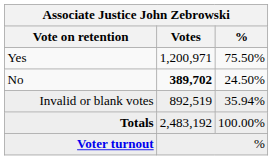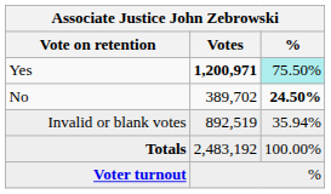 <table class="wikitable" style="font-size: 95%;">
 <tr style="background-color:#E9E9E9">
 <th colspan=7>Associate Justice John Zebrowski</th>
 </tr>
 <tr style="background-color:#E9E9E9">
 <th style="width: 170px">Vote on retention</th>
 <th style="width: 50px">Votes</th>
 <th style="width: 40px">%</th>
 </tr>
 <tr>
 <td>Yes</td>
-<td align="right">1,200,971</td>
-<td align="right">75.50%</td>
+<td align="right"><strong>1,200,971</strong></td>
+<td align="right" style="background: paleturquoise;">75.50%</td>
 </tr>
 <tr>
 <td>No</td>
-<td align="right"><strong>389,702</strong></td>
-<td align="right">24.50%</td>
+<td align="right">389,702</td>
+<td align="right"><strong>24.50%</strong></td>
 </tr>
 <tr style="background-color:#EEEEEE">
 <td align="right">Invalid or blank votes</td>
 <td align="right">892,519</td>
 <td align="right">35.94%</td>
 </tr>
 <tr style="background-color:#EEEEEE">
 <td colspan="1" align="right"><strong>Totals</strong></td>
 <td align="right">2,483,192</td>
 <td align="right">100.00%</td>
 </tr>
 <tr style="background-color:#EEEEEE">
 <td align="right"><strong><a href='#'>Voter turnout</a></strong></td>
 <td colspan="2" align="right">%</td>
 </tr>
 </table>
